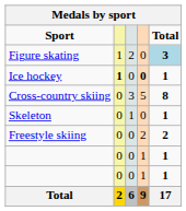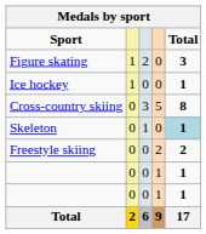 <table class="wikitable" style="font-size:85%; float:right;text-align:center">
 <tr style="background:#efefef;">
 <th colspan=5>Medals by sport</th>
 </tr>
 <tr align=center>
 <td><strong>Sport</strong></td>
 <td bgcolor=#f7f6a8></td>
 <td bgcolor=#dce5e5></td>
 <td bgcolor=#ffdab9></td>
 <td><strong>Total</strong></td>
 </tr>
 <tr align=center>
 <td align="left"><a href='#'>Figure skating</a></td>
 <td style="background:#F7F6A8;">1</td>
 <td style="background:#DCE5E5;">2</td>
 <td style="background:#FFDAB9;">0</td>
-<td style="background: lightblue;"><strong>3</strong></td>
+<td><strong>3</strong></td>
 </tr>
 <tr align=center>
 <td align="left"><a href='#'>Ice hockey</a></td>
-<td style="background:#F7F6A8;"><strong>1</strong></td>
+<td style="background:#F7F6A8;">1</td>
 <td style="background:#DCE5E5;">0</td>
-<td style="background:#FFDAB9;"><strong>0</strong></td>
+<td style="background:#FFDAB9;">0</td>
 <td><strong>1</strong></td>
 </tr>
 <tr align=center>
 <td align="left"><a href='#'>Cross-country skiing</a></td>
 <td style="background:#F7F6A8;">0</td>
 <td style="background:#DCE5E5;">3</td>
 <td style="background:#FFDAB9;">5</td>
 <td><strong>8</strong></td>
 </tr>
 <tr align=center>
 <td align="left"><a href='#'>Skeleton</a></td>
 <td style="background:#F7F6A8;">0</td>
 <td style="background:#DCE5E5;">1</td>
 <td style="background:#FFDAB9;">0</td>
-<td><strong>1</strong></td>
+<td style="background: lightblue;"><strong>1</strong></td>
 </tr>
 <tr align=center>
 <td align="left"><a href='#'>Freestyle skiing</a></td>
 <td style="background:#F7F6A8;">0</td>
 <td style="background:#DCE5E5;">0</td>
 <td style="background:#FFDAB9;">2</td>
 <td><strong>2</strong></td>
 </tr>
 <tr align=center>
 <td align="left"></td>
 <td style="background:#F7F6A8;">0</td>
 <td style="background:#DCE5E5;">0</td>
 <td style="background:#FFDAB9;">1</td>
 <td><strong>1</strong></td>
 </tr>
 <tr align=center>
 <td align="left"></td>
 <td style="background:#F7F6A8;">0</td>
 <td style="background:#DCE5E5;">0</td>
 <td style="background:#FFDAB9;">1</td>
 <td><strong>1</strong></td>
 </tr>
 <tr align=center>
 <th>Total</th>
 <th style="background:gold;">2</th>
 <th style="background:silver;">6</th>
 <th style="background:#c96;">9</th>
 <th>17</th>
 </tr>
 </table>
